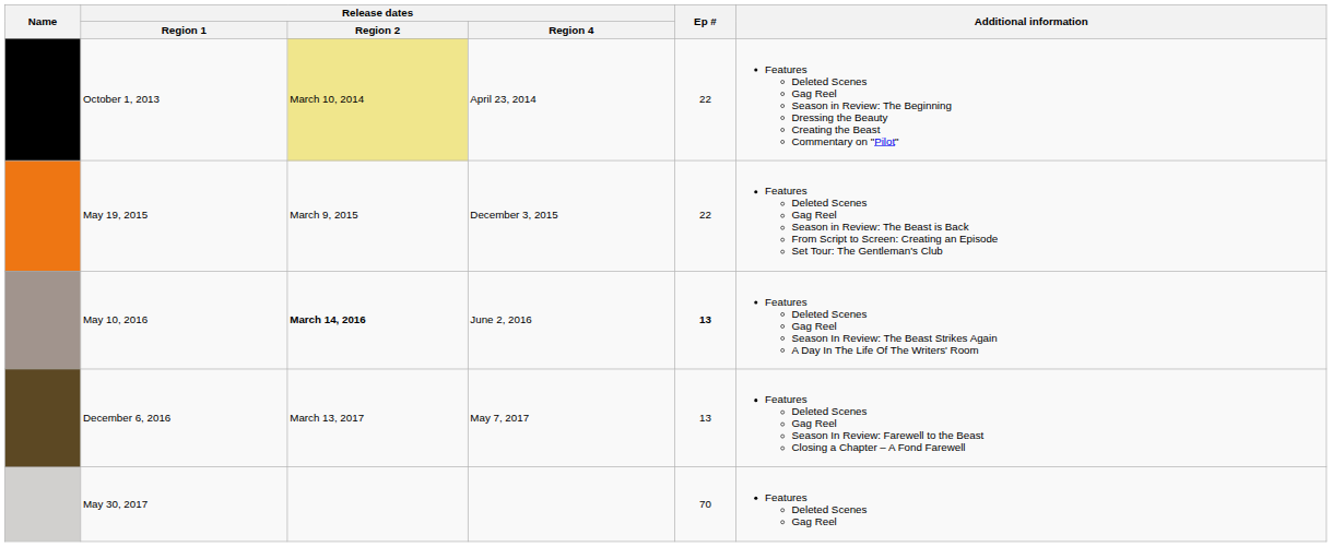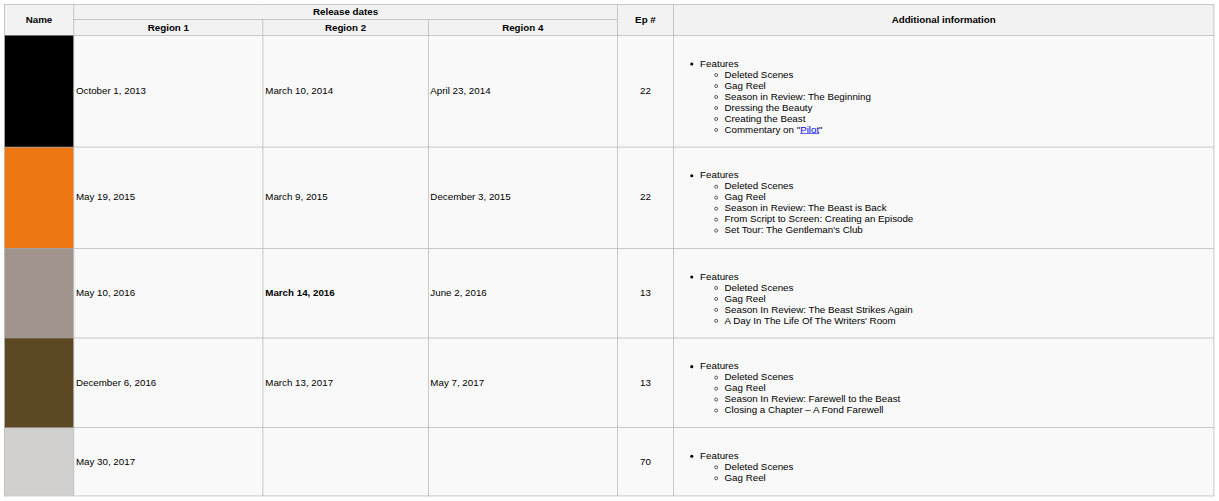 <table class="wikitable" style="width:100%;">
 <tr>
 <th rowspan="2">Name</th>
 <th colspan="3">Release dates</th>
 <th rowspan="2">Ep #</th>
 <th rowspan="2">Additional information</th>
 </tr>
 <tr>
 <th>Region 1</th>
 <th>Region 2</th>
 <th>Region 4</th>
 </tr>
 <tr>
 <td style="background:#000;"></td>
 <td>October 1, 2013</td>
-<td style="background: khaki;">March 10, 2014</td>
+<td>March 10, 2014</td>
 <td>April 23, 2014</td>
 <td style="text-align:center;">22</td>
 <td><br><ul><li>Features<ul><li>Deleted Scenes</li><li>Gag Reel</li><li>Season in Review: The Beginning</li><li>Dressing the Beauty</li><li>Creating the Beast</li><li>Commentary on "<a href='#'>Pilot</a>"</li></ul></li></ul></td>
 </tr>
 <tr>
 <td style="background: #EE7613"></td>
 <td>May 19, 2015</td>
 <td>March 9, 2015</td>
 <td>December 3, 2015</td>
 <td style="text-align:center;">22</td>
 <td><br><ul><li>Features<ul><li>Deleted Scenes</li><li>Gag Reel</li><li>Season in Review: The Beast is Back</li><li>From Script to Screen: Creating an Episode</li><li>Set Tour: The Gentleman's Club</li></ul></li></ul></td>
 </tr>
 <tr>
 <td style="background: #A1948D"></td>
 <td>May 10, 2016</td>
 <td><strong>March 14, 2016</strong></td>
 <td>June 2, 2016</td>
-<td style="text-align:center;"><strong>13</strong></td>
+<td style="text-align:center;">13</td>
 <td><br><ul><li>Features<ul><li>Deleted Scenes</li><li>Gag Reel</li><li>Season In Review: The Beast Strikes Again</li><li>A Day In The Life Of The Writers' Room</li></ul></li></ul></td>
 </tr>
 <tr>
 <td style="background: #5C4823"></td>
 <td>December 6, 2016</td>
 <td>March 13, 2017</td>
 <td>May 7, 2017</td>
 <td style="text-align:center;">13</td>
 <td><br><ul><li>Features<ul><li>Deleted Scenes</li><li>Gag Reel</li><li>Season In Review: Farewell to the Beast</li><li>Closing a Chapter – A Fond Farewell</li></ul></li></ul></td>
 </tr>
 <tr>
 <td style="background: #D1D0CE"></td>
 <td>May 30, 2017</td>
 <td></td>
 <td></td>
 <td style="text-align:center;">70</td>
 <td><br><ul><li>Features<ul><li>Deleted Scenes</li><li>Gag Reel</li></ul></li></ul></td>
 </tr>
 </table>
